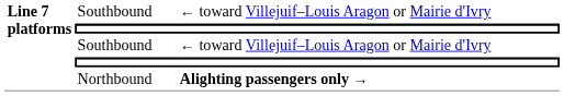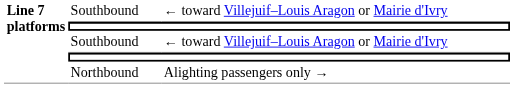 <table border=0 cellspacing=0 cellpadding=3>
 <tr>
 <td style="border-bottom:solid 1px gray;" width=50 rowspan=10 valign=top><strong>Line 7 platforms</strong></td>
 <td style="border-bottom:solid 1px gray;" width=100>Southbound</td>
 <td style="border-bottom:solid 1px gray;" width=390>←   toward <a href='#'>Villejuif–Louis Aragon</a> or <a href='#'>Mairie d'Ivry</a> </td>
 </tr>
 <tr>
 <td style="border-top:solid 2px black;border-right:solid 2px black;border-left:solid 2px black;border-bottom:solid 2px black;text-align:center;" colspan=2></td>
 </tr>
 <tr>
 <td style="border-bottom:solid 1px gray;" width=100>Southbound</td>
 <td style="border-bottom:solid 1px gray;" width=390>←   toward <a href='#'>Villejuif–Louis Aragon</a> or <a href='#'>Mairie d'Ivry</a> </td>
 </tr>
 <tr>
 <td style="border-top:solid 2px black;border-right:solid 2px black;border-left:solid 2px black;border-bottom:solid 2px black;text-align:center;" colspan=2></td>
 </tr>
 <tr>
 <td style="border-bottom:solid 1px gray;" width=100>Northbound</td>
-<td style="border-bottom:solid 1px gray;" width=390><strong>   Alighting passengers only →</strong></td>
+<td style="border-bottom:solid 1px gray;" width=390>   Alighting passengers only →</td>
 </tr>
 </table>
